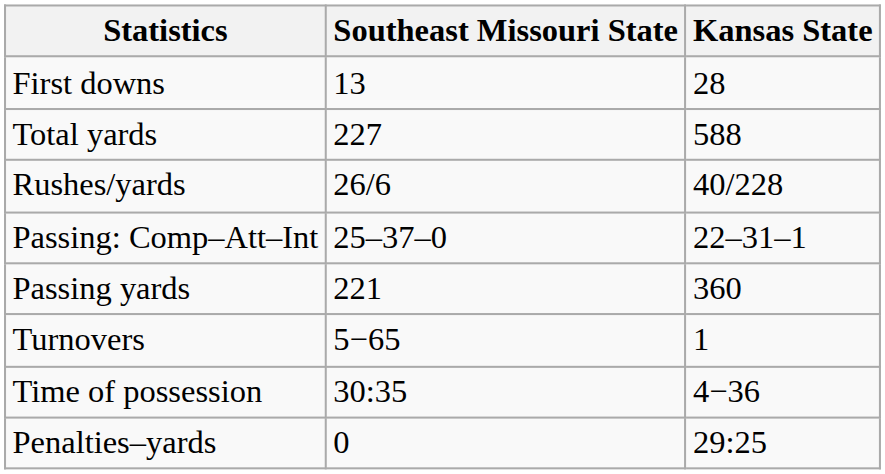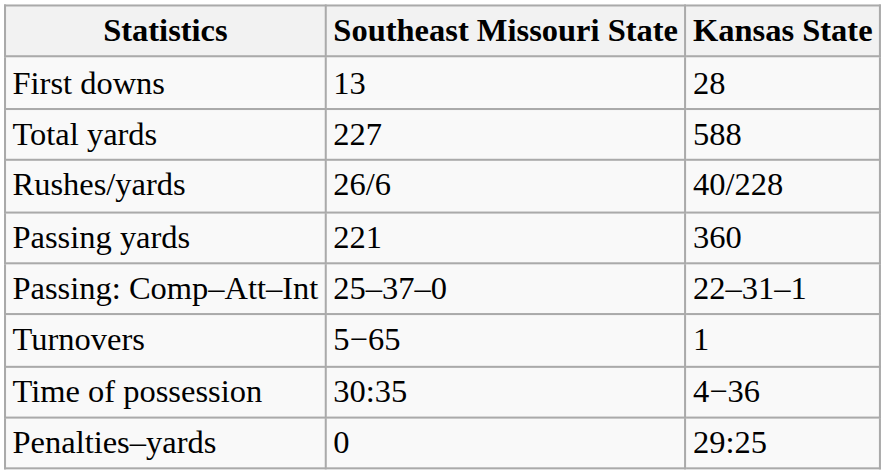 <table class="wikitable" style="float: left;">
 <tr>
 <th>Statistics</th>
 <th>Southeast Missouri State</th>
 <th>Kansas State</th>
 </tr>
 <tr>
 <td>First downs</td>
 <td>13</td>
 <td>28</td>
 </tr>
 <tr>
 <td>Total yards</td>
 <td>227</td>
 <td>588</td>
 </tr>
 <tr>
 <td>Rushes/yards</td>
 <td>26/6</td>
 <td>40/228</td>
 </tr>
 <tr>
+<td>Passing yards</td>
+<td>221</td>
+<td>360</td>
+</tr>
+<tr>
 <td>Passing: Comp–Att–Int</td>
 <td>25–37–0</td>
 <td>22–31–1</td>
-</tr>
-<tr>
-<td>Passing yards</td>
-<td>221</td>
-<td>360</td>
 </tr>
 <tr>
 <td>Turnovers</td>
 <td>5−65</td>
 <td>1</td>
 </tr>
 <tr>
 <td>Time of possession</td>
 <td>30:35</td>
 <td>4−36</td>
 </tr>
 <tr>
 <td>Penalties–yards</td>
 <td>0</td>
 <td>29:25</td>
 </tr>
 </table>
